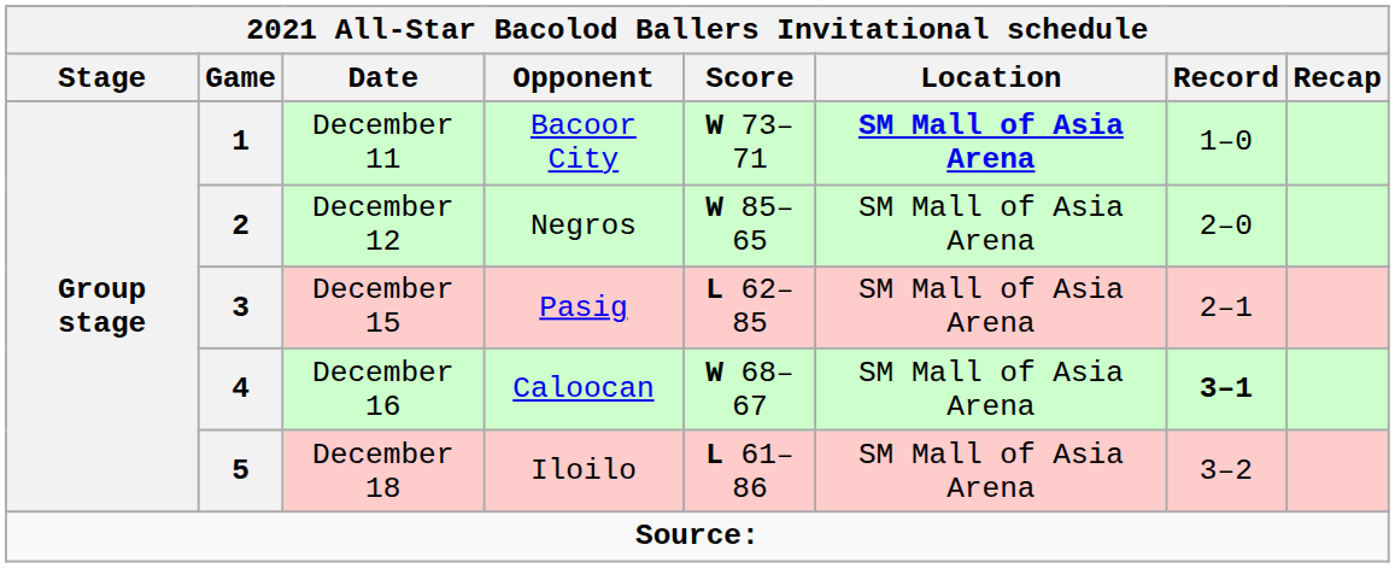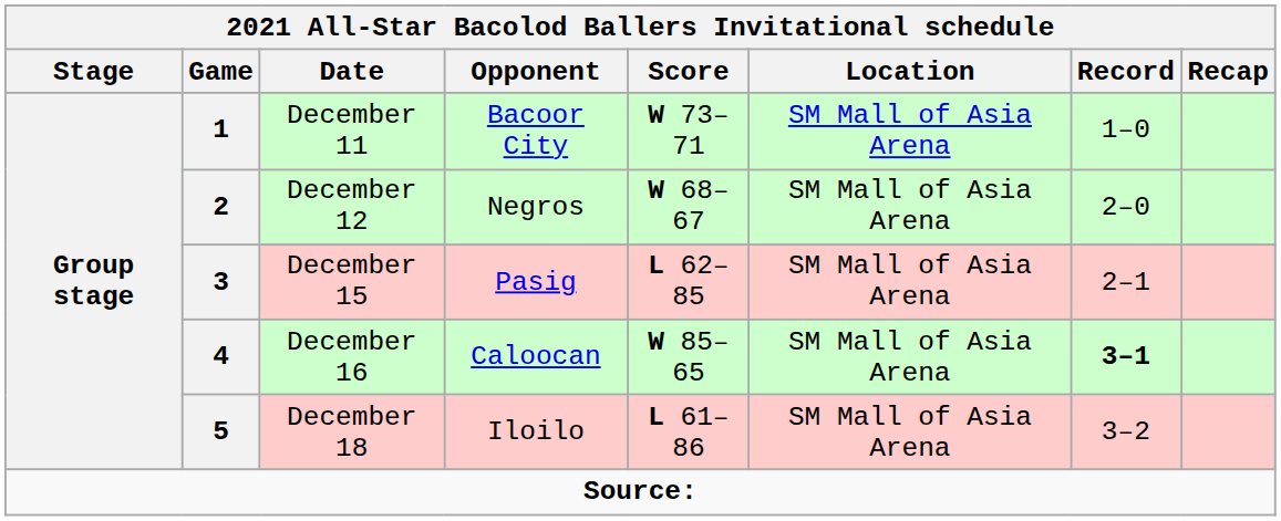 <table class="wikitable" style="text-align:center">
 <tr>
 <th colspan=8>2021 All-Star Bacolod Ballers Invitational schedule</th>
 </tr>
 <tr>
 <th>Stage</th>
 <th>Game</th>
 <th>Date</th>
 <th>Opponent</th>
 <th>Score</th>
 <th>Location</th>
 <th>Record</th>
 <th>Recap<br></th>
 </tr>
 <tr style="background:#cfc">
 <th rowspan=5>Group stage</th>
 <th>1</th>
 <td>December 11</td>
 <td><a href='#'>Bacoor City</a></td>
 <td><strong>W</strong> 73–71</td>
-<td><strong><a href='#'>SM Mall of Asia Arena</a></strong></td>
+<td><a href='#'>SM Mall of Asia Arena</a></td>
 <td>1–0</td>
 <td></td>
 </tr>
 <tr style="background:#cfc">
 <th>2</th>
 <td>December 12</td>
 <td>Negros</td>
-<td><strong>W</strong> 85–65</td>
+<td><strong>W</strong> 68–67</td>
 <td>SM Mall of Asia Arena</td>
 <td>2–0</td>
 <td></td>
 </tr>
 <tr style="background:#fcc">
 <th>3</th>
 <td>December 15</td>
 <td><a href='#'>Pasig</a></td>
 <td><strong>L</strong> 62–85</td>
 <td>SM Mall of Asia Arena</td>
 <td>2–1</td>
 <td></td>
 </tr>
 <tr style="background:#cfc">
 <th>4</th>
 <td>December 16</td>
 <td><a href='#'>Caloocan</a></td>
-<td><strong>W</strong> 68–67</td>
+<td><strong>W</strong> 85–65</td>
 <td>SM Mall of Asia Arena</td>
 <td><strong>3–1</strong></td>
 <td></td>
 </tr>
 <tr style="background:#fcc">
 <th>5</th>
 <td>December 18</td>
 <td>Iloilo</td>
 <td><strong>L</strong> 61–86</td>
 <td>SM Mall of Asia Arena</td>
 <td>3–2</td>
 <td></td>
 </tr>
 <tr>
 <td colspan=8 align=center><strong>Source: </strong></td>
 </tr>
 </table>
